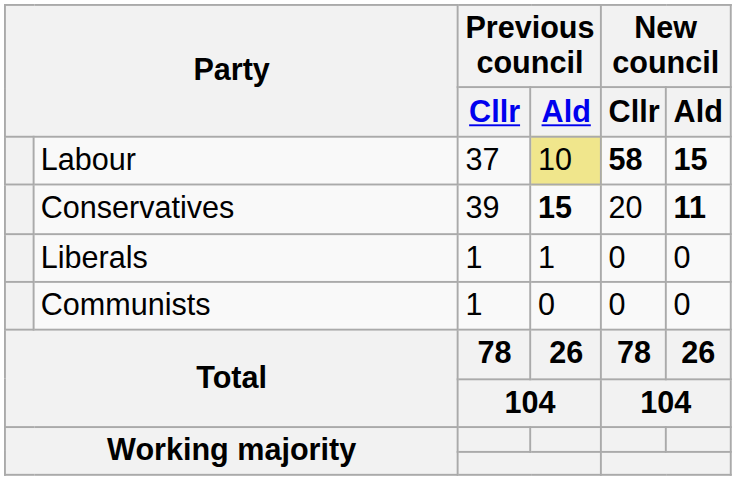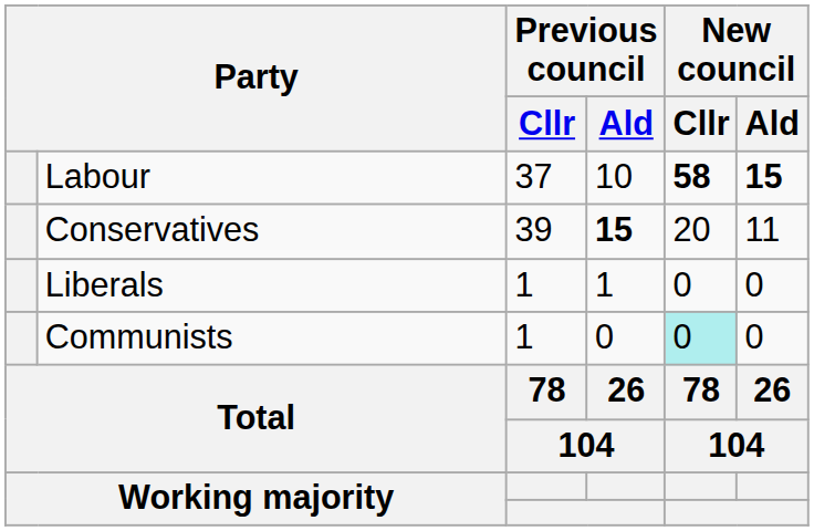 <table class="wikitable">
 <tr>
 <th colspan="2" rowspan="2" style="width: 230px">Party</th>
 <th valign=top colspan="2" style="width: 30px">Previous council</th>
 <th valign=top colspan="2" style="width: 30px">New council</th>
 </tr>
 <tr>
 <th><a href='#'>Cllr</a></th>
 <th><a href='#'>Ald</a></th>
 <th>Cllr</th>
 <th>Ald</th>
 </tr>
 <tr>
 <th style="background-color: "></th>
 <td>Labour</td>
 <td>37</td>
-<td style="background: khaki;">10</td>
+<td>10</td>
 <td><strong>58</strong></td>
 <td><strong>15</strong></td>
 </tr>
 <tr>
 <th style="background-color: "></th>
 <td>Conservatives</td>
 <td>39</td>
 <td><strong>15</strong></td>
 <td>20</td>
-<td><strong>11</strong></td>
+<td>11</td>
 </tr>
 <tr>
 <th style="background-color: "></th>
 <td>Liberals</td>
 <td>1</td>
 <td>1</td>
 <td>0</td>
 <td>0</td>
 </tr>
 <tr>
 <th style="background-color: "></th>
 <td>Communists</td>
 <td>1</td>
 <td>0</td>
-<td>0</td>
+<td style="background: paleturquoise;">0</td>
 <td>0</td>
 </tr>
 <tr>
 <th colspan="2" rowspan="2">Total</th>
 <th style="text-align: center">78</th>
 <th style="text-align: center">26</th>
 <th style="text-align: center">78</th>
 <th style="text-align: center">26</th>
 </tr>
 <tr>
 <th colspan="2" style="text-align: center">104</th>
 <th colspan="2" style="text-align: center">104</th>
 </tr>
 <tr>
 <th colspan="2" rowspan="2">Working majority</th>
 <th></th>
 <th></th>
 <th></th>
 <th></th>
 </tr>
 <tr>
 <th colspan="2"></th>
 <th colspan="2"></th>
 </tr>
 </table>
